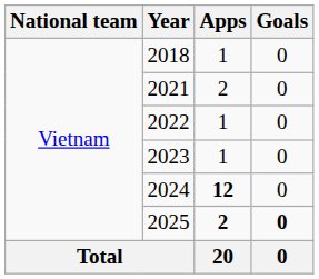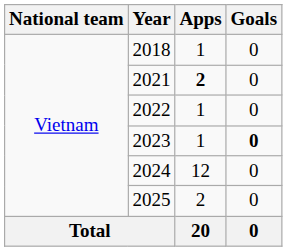 <table class=wikitable style=text-align:center>
 <tr>
 <th>National team</th>
 <th>Year</th>
 <th>Apps</th>
 <th>Goals</th>
 </tr>
 <tr>
 <td rowspan=6><a href='#'>Vietnam</a></td>
 <td>2018</td>
 <td>1</td>
 <td>0</td>
 </tr>
 <tr>
 <td>2021</td>
-<td>2</td>
+<td><strong>2</strong></td>
 <td>0</td>
 </tr>
 <tr>
 <td>2022</td>
 <td>1</td>
 <td>0</td>
 </tr>
 <tr>
 <td>2023</td>
 <td>1</td>
-<td>0</td>
+<td><strong>0</strong></td>
 </tr>
 <tr>
 <td>2024</td>
-<td><strong>12</strong></td>
+<td>12</td>
 <td>0</td>
 </tr>
 <tr>
 <td>2025</td>
-<td><strong>2</strong></td>
-<td><strong>0</strong></td>
+<td>2</td>
+<td>0</td>
 </tr>
 <tr>
 <th colspan=2>Total</th>
 <th>20</th>
 <th>0</th>
 </tr>
 </table>
